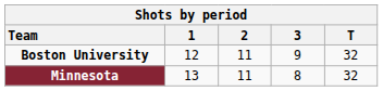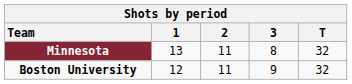 <table class="wikitable" style="width:30em; text-align:right;">
 <tr>
 <th colspan=5>Shots by period</th>
 </tr>
 <tr>
 <th style="width:10em; text-align:left;">Team</th>
 <th style="width:3em;">1</th>
 <th style="width:3em;">2</th>
 <th style="width:3em;">3</th>
 <th style="width:3em;">T</th>
 </tr>
 <tr>
+<td align=center style="color:white; background:#862334; "><strong>Minnesota</strong></td>
+<td align=center>13</td>
+<td align=center>11</td>
+<td align=center>8</td>
+<td align=center>32</td>
+</tr>
+<tr>
 <td align=center><strong>Boston University</strong></td>
 <td align=center>12</td>
 <td align=center>11</td>
 <td align=center>9</td>
 <td align=center>32</td>
 </tr>
-<tr>
-<td align=center style="color:white; background:#862334; "><strong>Minnesota</strong></td>
-<td align=center>13</td>
-<td align=center>11</td>
-<td align=center>8</td>
-<td align=center>32</td>
-</tr>
 </table>
